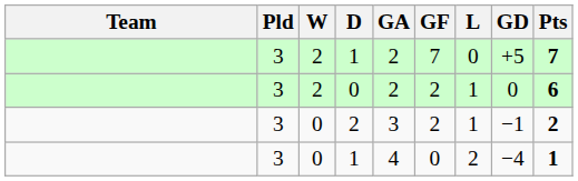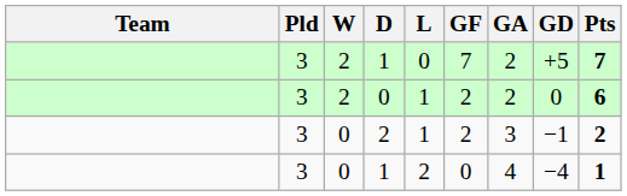 <table class="wikitable" style="text-align:center;">
 <tr>
 <th width=180>Team</th>
 <th width=20>Pld</th>
 <th width=20>W</th>
 <th width=20>D</th>
+<th width=20>L</th>
+<th width=20>GF</th>
 <th width=20>GA</th>
-<th width=20>GF</th>
-<th width=20>L</th>
 <th width=20>GD</th>
 <th width=20>Pts</th>
 </tr>
 <tr bgcolor="ccffcc">
 <td align="left"></td>
 <td>3</td>
 <td>2</td>
 <td>1</td>
+<td>0</td>
+<td>7</td>
 <td>2</td>
-<td>7</td>
-<td>0</td>
 <td>+5</td>
 <td><strong>7</strong></td>
 </tr>
 <tr bgcolor="ccffcc">
 <td align="left"></td>
 <td>3</td>
 <td>2</td>
 <td>0</td>
+<td>1</td>
 <td>2</td>
 <td>2</td>
-<td>1</td>
 <td>0</td>
 <td><strong>6</strong></td>
 </tr>
 <tr>
 <td align="left"></td>
 <td>3</td>
 <td>0</td>
 <td>2</td>
+<td>1</td>
+<td>2</td>
 <td>3</td>
-<td>2</td>
-<td>1</td>
 <td>−1</td>
 <td><strong>2</strong></td>
 </tr>
 <tr>
 <td align="left"></td>
 <td>3</td>
 <td>0</td>
 <td>1</td>
+<td>2</td>
+<td>0</td>
 <td>4</td>
-<td>0</td>
-<td>2</td>
 <td>−4</td>
 <td><strong>1</strong></td>
 </tr>
 </table>
